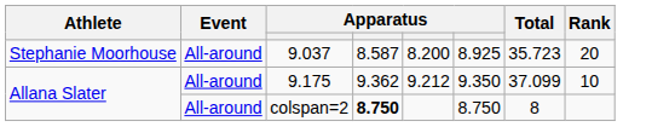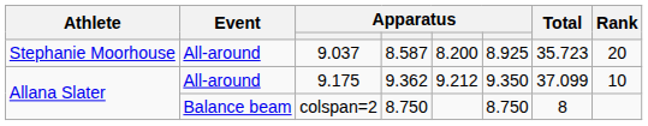 <table class="wikitable" style="font-size:90%">
 <tr>
 <th rowspan=2>Athlete</th>
 <th rowspan=2>Event</th>
 <th colspan =4>Apparatus</th>
 <th rowspan=2>Total</th>
 <th rowspan=2>Rank</th>
 </tr>
 <tr style="font-size:95%">
 <th></th>
 <th></th>
 <th></th>
 <th></th>
 </tr>
 <tr align=center>
 <td align=left><a href='#'>Stephanie Moorhouse</a></td>
 <td align=left><a href='#'>All-around</a></td>
 <td>9.037</td>
 <td>8.587</td>
 <td>8.200</td>
 <td>8.925</td>
 <td>35.723</td>
 <td>20</td>
 </tr>
 <tr align=center>
 <td align=left rowspan=2><a href='#'>Allana Slater</a></td>
 <td align=left><a href='#'>All-around</a></td>
 <td>9.175</td>
 <td>9.362</td>
 <td>9.212</td>
 <td>9.350</td>
 <td>37.099</td>
 <td>10</td>
 </tr>
 <tr align=center>
-<td align=left><a href='#'>All-around</a></td>
+<td align=left><a href='#'>Balance beam</a></td>
 <td>colspan=2 </td>
-<td><strong>8.750</strong></td>
+<td>8.750</td>
 <td></td>
 <td>8.750</td>
 <td>8</td>
 </tr>
 </table>
